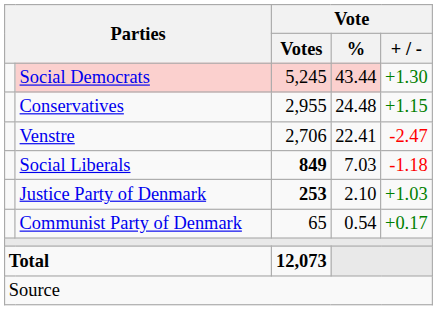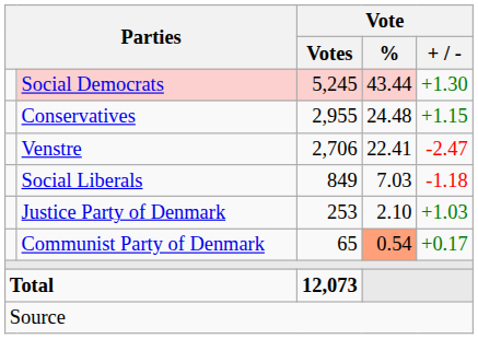 <table class="wikitable" style="text-align:right;">
 <tr>
 <th style="text-align:centre;" rowspan="2" colspan="2" width="225">Parties</th>
 <th colspan="3">Vote</th>
 </tr>
 <tr>
 <th width="15">Votes</th>
 <th width="15">%</th>
 <th width="15">+ / -</th>
 </tr>
 <tr>
 <td width="2" style="color:inherit;background:"></td>
 <td bgcolor=#fbd0ce  align="left"><a href='#'>Social Democrats</a></td>
 <td bgcolor=#fbd0ce>5,245</td>
 <td bgcolor=#fbd0ce>43.44</td>
 <td style=color:green;>+1.30</td>
 </tr>
 <tr>
 <td width="2" style="color:inherit;background:"></td>
 <td align="left"><a href='#'>Conservatives</a></td>
 <td>2,955</td>
 <td>24.48</td>
 <td style=color:green;>+1.15</td>
 </tr>
 <tr>
 <td width="2" style="color:inherit;background:"></td>
 <td align="left"><a href='#'>Venstre</a></td>
 <td>2,706</td>
 <td>22.41</td>
 <td style=color:red;>-2.47</td>
 </tr>
 <tr>
 <td width="2" style="color:inherit;background:"></td>
 <td align="left"><a href='#'>Social Liberals</a></td>
-<td><strong>849</strong></td>
+<td>849</td>
 <td>7.03</td>
 <td style=color:red;>-1.18</td>
 </tr>
 <tr>
 <td width="2" style="color:inherit;background:"></td>
 <td align="left"><a href='#'>Justice Party of Denmark</a></td>
-<td><strong>253</strong></td>
+<td>253</td>
 <td>2.10</td>
 <td style=color:green;>+1.03</td>
 </tr>
 <tr>
 <td width="2" style="color:inherit;background:"></td>
 <td align="left"><a href='#'>Communist Party of Denmark</a></td>
 <td>65</td>
-<td>0.54</td>
+<td style="background: lightsalmon;">0.54</td>
 <td style=color:green;>+0.17</td>
 </tr>
 <tr>
 <td colspan="7" bgcolor="#E9E9E9"></td>
 </tr>
 <tr>
 <td align="left" colspan="2"><strong>Total</strong></td>
 <td><strong>12,073</strong></td>
 <td bgcolor="#E9E9E9" colspan="2"></td>
 </tr>
 <tr>
 <td align="left" colspan="6">Source</td>
 </tr>
 </table>
